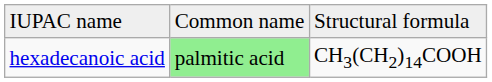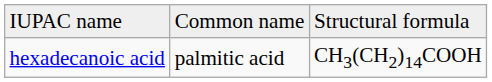 <table class="wikitable">
 <tr bgcolor="#efefef">
 <td>IUPAC name</td>
 <td>Common name</td>
 <td>Structural formula</td>
 </tr>
 <tr>
 <td><a href='#'>hexadecanoic acid</a></td>
-<td style="background: lightgreen;">palmitic acid</td>
+<td>palmitic acid</td>
 <td>CH<sub>3</sub>(CH<sub>2</sub>)<sub>14</sub>COOH</td>
 </tr>
 </table>
